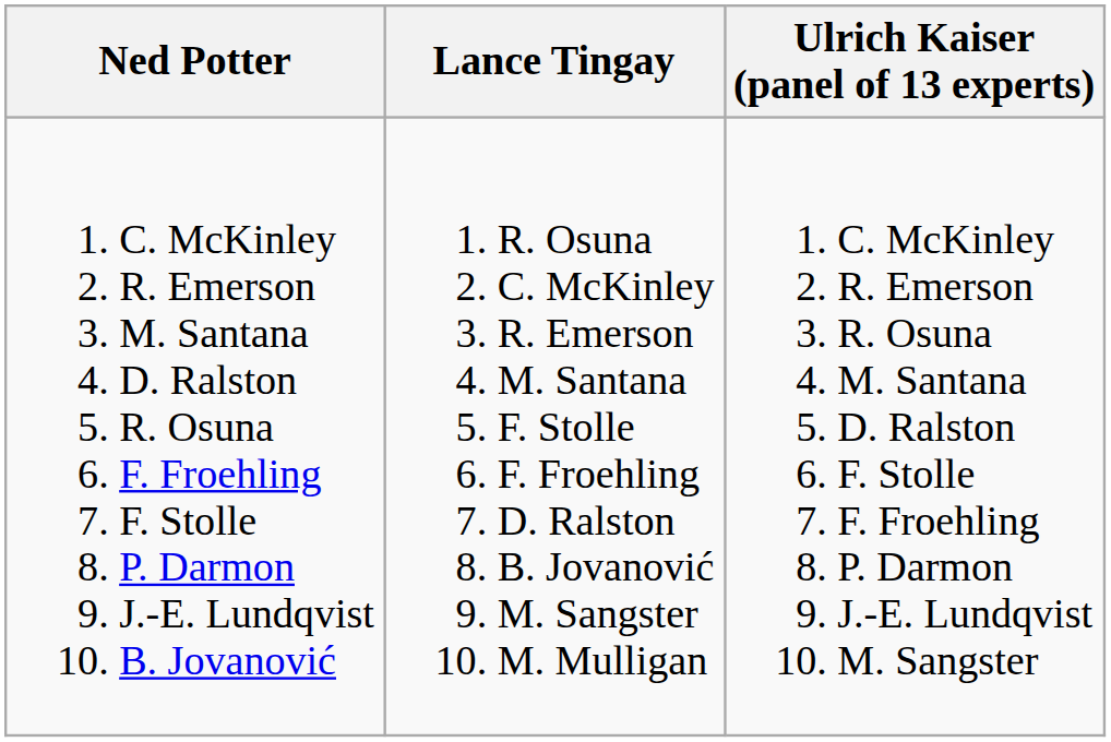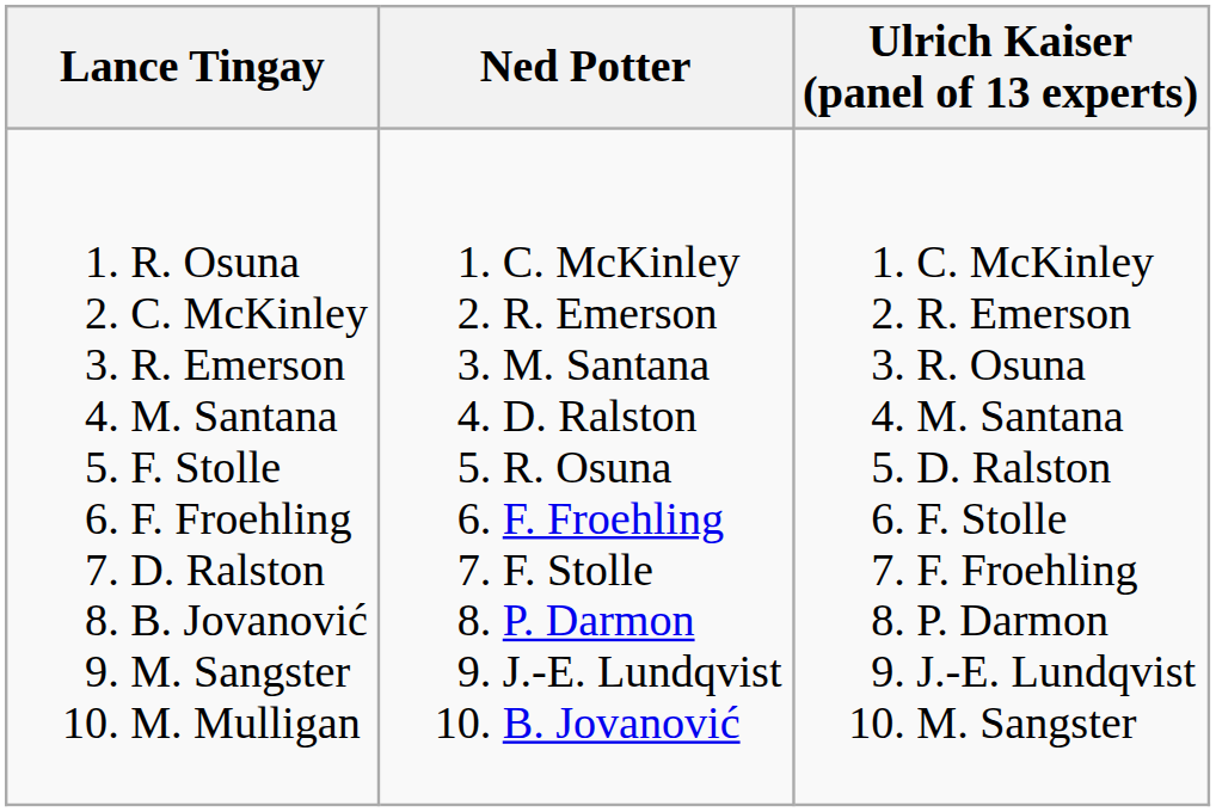 <table class="wikitable">
 <tr>
+<th>Lance Tingay<strong></strong></th>
 <th>Ned Potter</th>
-<th>Lance Tingay<strong></strong></th>
 <th>Ulrich Kaiser<em></em><br>(panel of 13 experts)</th>
 </tr>
 <tr style="vertical-align: top;">
+<td style="white-space: nowrap;"><br><ol><li> R. Osuna</li><li> C. McKinley</li><li> R. Emerson</li><li> M. Santana</li><li> F. Stolle</li><li> F. Froehling</li><li> D. Ralston</li><li> B. Jovanović</li><li> M. Sangster</li><li> M. Mulligan</li></ol></td>
 <td style="white-space: nowrap;"><br><ol><li> C. McKinley</li><li> R. Emerson</li><li> M. Santana</li><li> D. Ralston</li><li> R. Osuna</li><li> <a href='#'>F. Froehling</a></li><li> F. Stolle</li><li> <a href='#'>P. Darmon</a></li><li> J.-E. Lundqvist</li><li> <a href='#'>B. Jovanović</a></li></ol></td>
-<td style="white-space: nowrap;"><br><ol><li> R. Osuna</li><li> C. McKinley</li><li> R. Emerson</li><li> M. Santana</li><li> F. Stolle</li><li> F. Froehling</li><li> D. Ralston</li><li> B. Jovanović</li><li> M. Sangster</li><li> M. Mulligan</li></ol></td>
 <td style="white-space: nowrap;"><br><ol><li> C. McKinley</li><li> R. Emerson</li><li> R. Osuna</li><li> M. Santana</li><li> D. Ralston</li><li> F. Stolle</li><li> F. Froehling</li><li> P. Darmon</li><li> J.-E. Lundqvist</li><li> M. Sangster</li></ol></td>
 </tr>
 </table>
